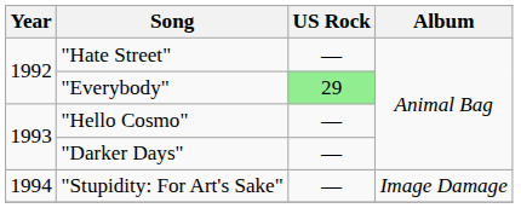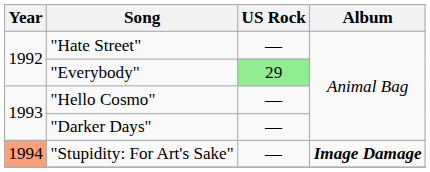 <table class="wikitable" style="text-align:center;">
 <tr>
 <th>Year</th>
 <th>Song</th>
 <th>US Rock</th>
 <th>Album</th>
 </tr>
 <tr>
 <td rowspan="2">1992</td>
 <td align="left">"Hate Street"</td>
 <td>—</td>
 <td rowspan="4"><em>Animal Bag</em></td>
 </tr>
 <tr>
 <td align="left">"Everybody"</td>
 <td style="background: lightgreen;">29</td>
 </tr>
 <tr>
 <td rowspan="2">1993</td>
 <td align="left">"Hello Cosmo"</td>
 <td>—</td>
 </tr>
 <tr>
 <td align="left">"Darker Days"</td>
 <td>—</td>
 </tr>
 <tr>
-<td>1994</td>
+<td style="background: lightsalmon;">1994</td>
 <td align="left">"Stupidity: For Art's Sake"</td>
 <td>—</td>
-<td><em>Image Damage</em></td>
+<td><strong><em>Image Damage</em></strong></td>
 </tr>
 <tr>
 </tr>
 </table>
